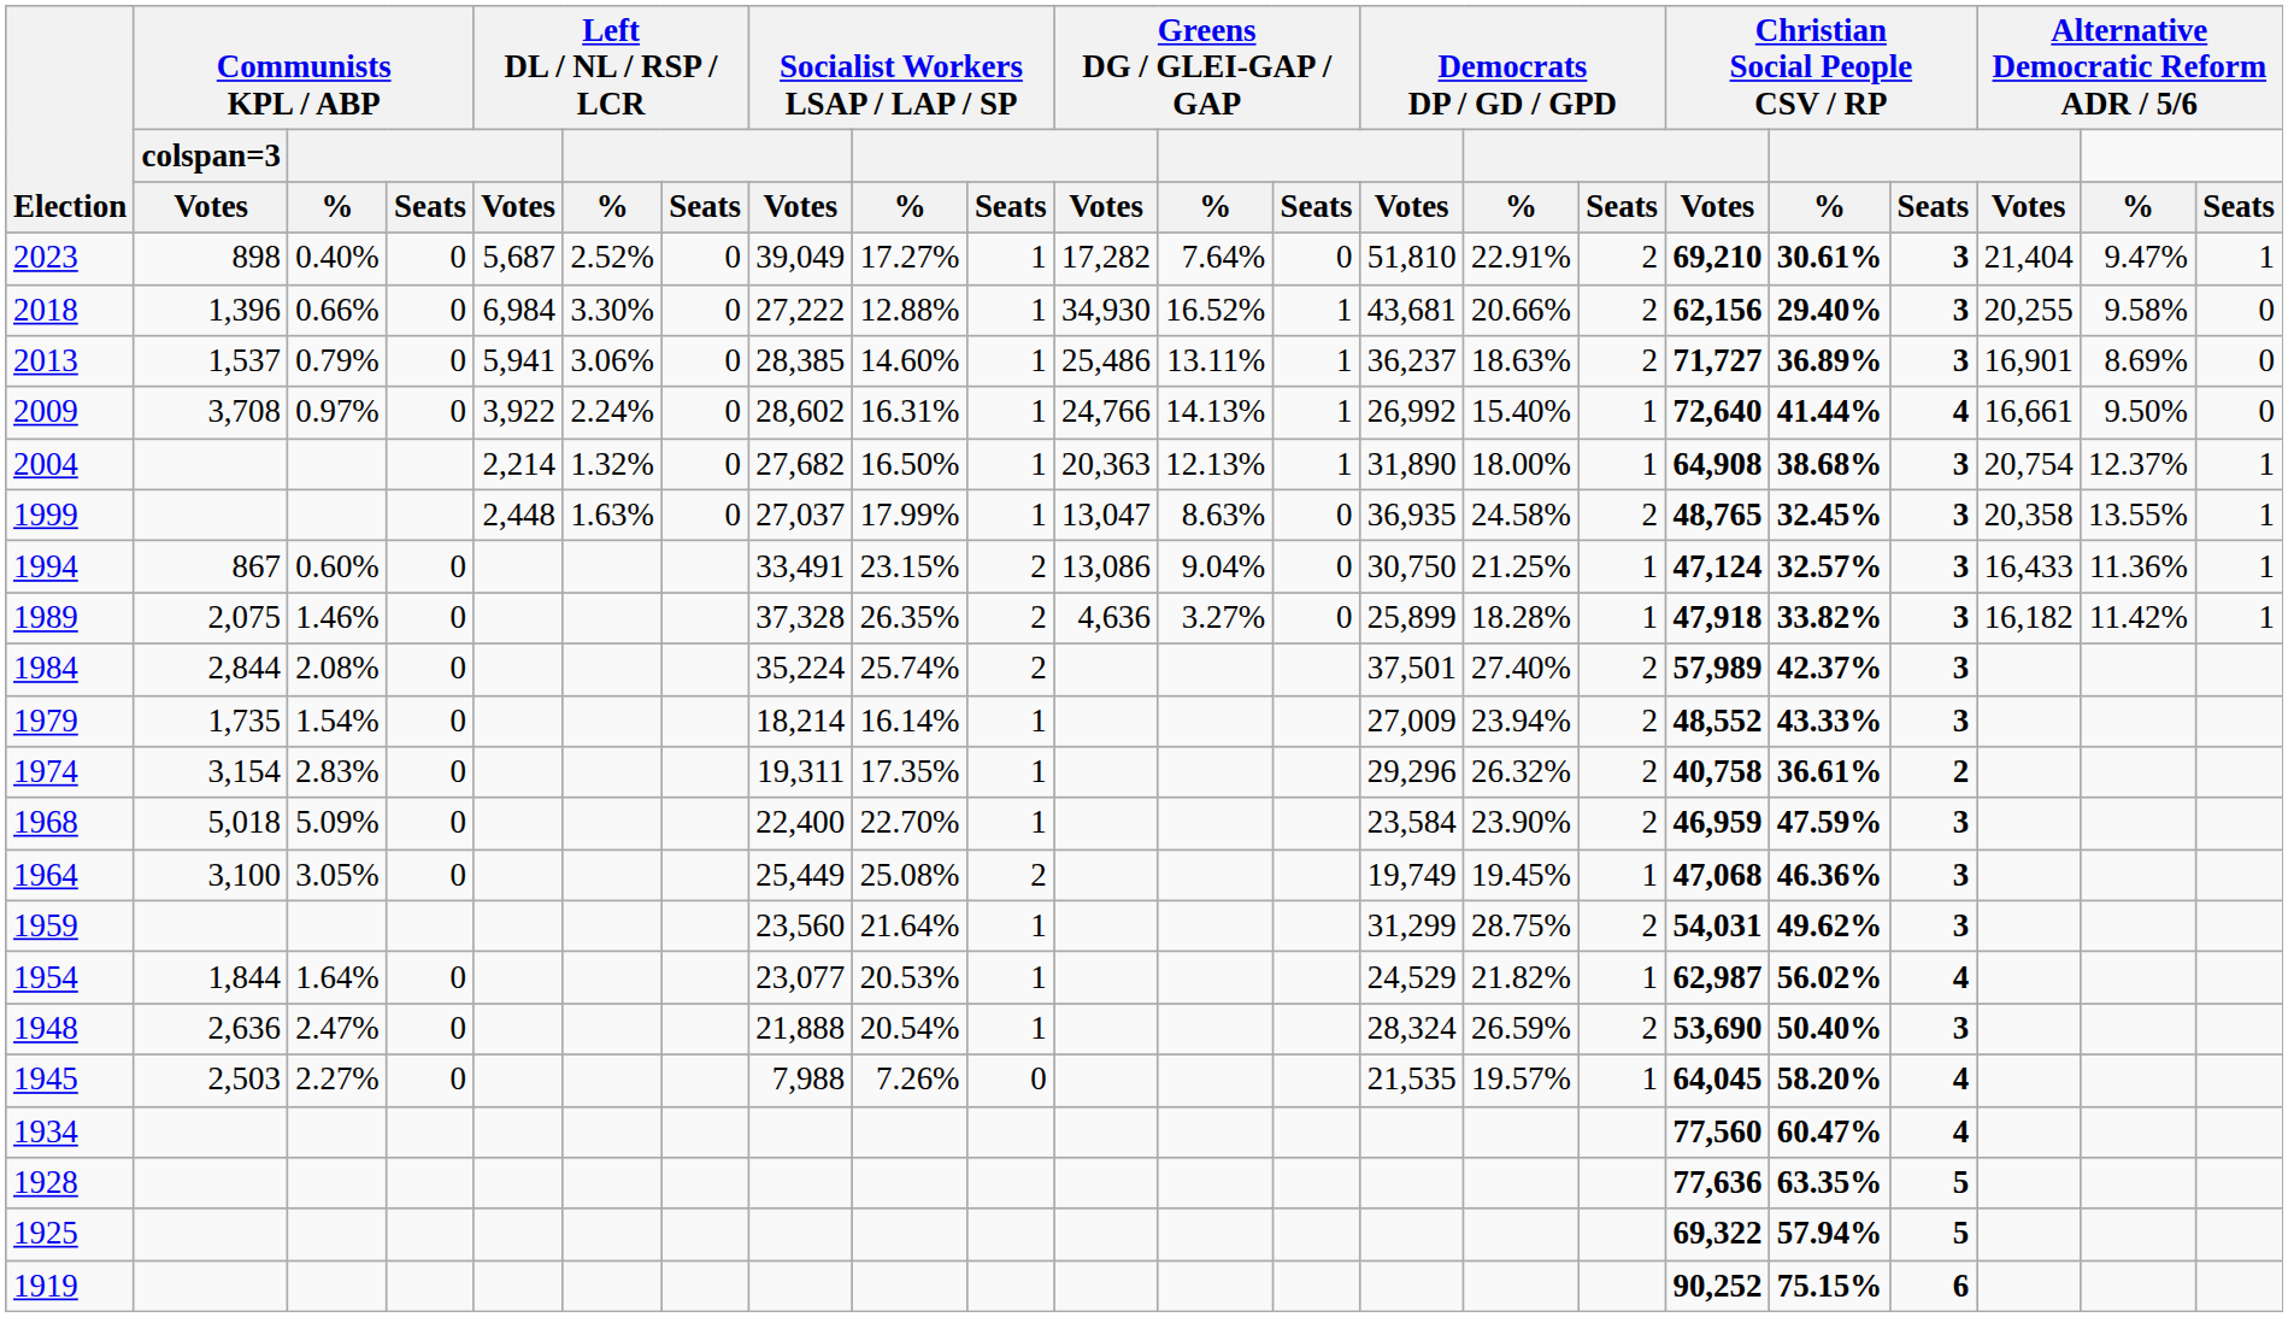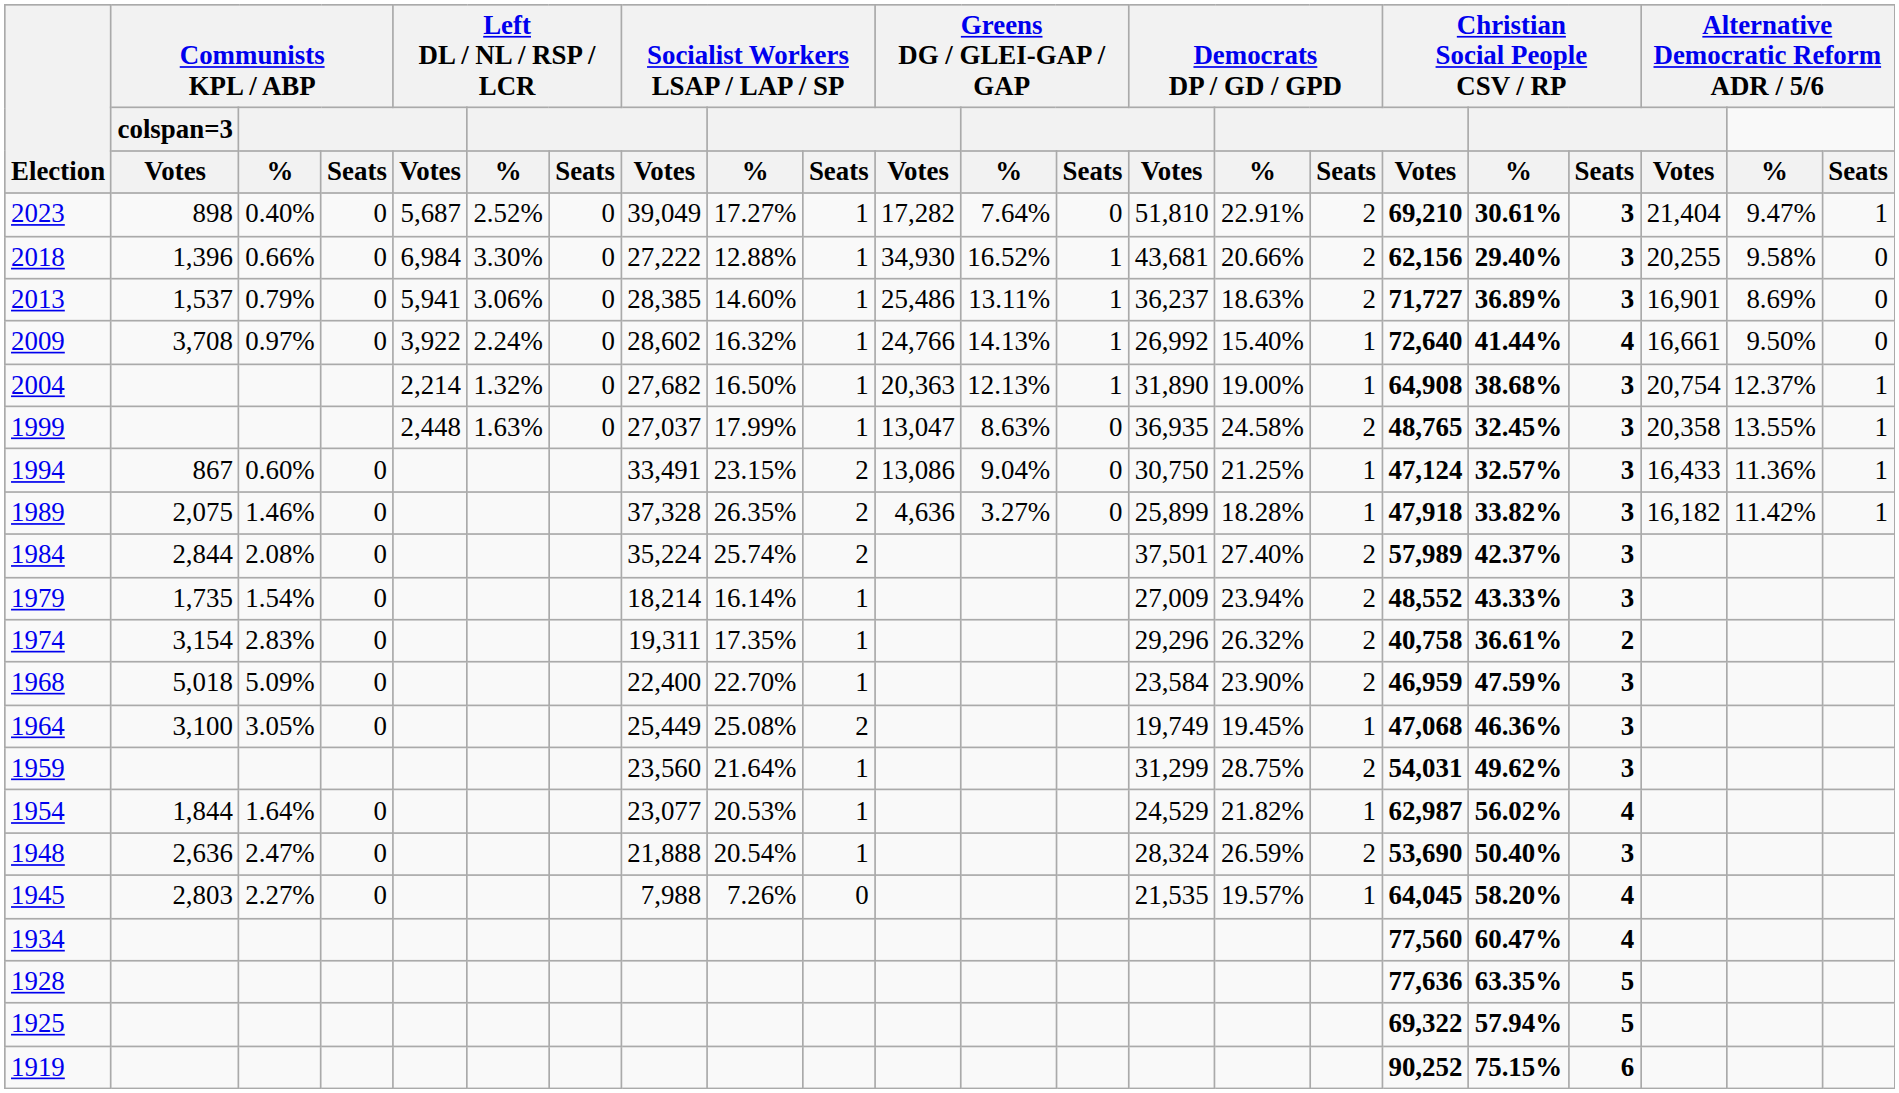 <table class="wikitable" border="1" style="font-size:100%; text-align:right;">
 <tr>
 <th style="text-align:left;" valign=bottom rowspan=3>Election</th>
 <th valign=bottom colspan=3><a href='#'>Communists</a><br>KPL / ABP</th>
 <th valign=bottom colspan=3><a href='#'>Left</a><br>DL / NL / RSP / LCR</th>
 <th valign=bottom colspan=3><a href='#'>Socialist Workers</a><br>LSAP / LAP / SP</th>
 <th valign=bottom colspan=3><a href='#'>Greens</a><br>DG / GLEI-GAP / GAP</th>
 <th valign=bottom colspan=3><a href='#'>Democrats</a><br>DP / GD / GPD</th>
 <th valign=bottom colspan=3><a href='#'>Christian<br>Social People</a><br>CSV / RP</th>
 <th valign=bottom colspan=3><a href='#'>Alternative<br>Democratic Reform</a><br>ADR / 5/6</th>
 </tr>
 <tr>
 <th>colspan=3 </th>
 <th colspan=3 style="background:"></th>
 <th colspan=3 style="background:"></th>
 <th colspan=3 style="background:"></th>
 <th colspan=3 style="background:"></th>
 <th colspan=3 style="background:"></th>
 <th colspan=3 style="background:"></th>
 </tr>
 <tr>
 <th>Votes</th>
 <th>%</th>
 <th>Seats</th>
 <th>Votes</th>
 <th>%</th>
 <th>Seats</th>
 <th>Votes</th>
 <th>%</th>
 <th>Seats</th>
 <th>Votes</th>
 <th>%</th>
 <th>Seats</th>
 <th>Votes</th>
 <th>%</th>
 <th>Seats</th>
 <th>Votes</th>
 <th>%</th>
 <th>Seats</th>
 <th>Votes</th>
 <th>%</th>
 <th>Seats</th>
 </tr>
 <tr>
 <td align=left><a href='#'>2023</a></td>
 <td>898</td>
 <td>0.40%</td>
 <td>0</td>
 <td>5,687</td>
 <td>2.52%</td>
 <td>0</td>
 <td>39,049</td>
 <td>17.27%</td>
 <td>1</td>
 <td>17,282</td>
 <td>7.64%</td>
 <td>0</td>
 <td>51,810</td>
 <td>22.91%</td>
 <td>2</td>
 <td><strong>69,210</strong></td>
 <td><strong>30.61%</strong></td>
 <td><strong>3</strong></td>
 <td>21,404</td>
 <td>9.47%</td>
 <td>1</td>
 </tr>
 <tr>
 <td align=left><a href='#'>2018</a></td>
 <td>1,396</td>
 <td>0.66%</td>
 <td>0</td>
 <td>6,984</td>
 <td>3.30%</td>
 <td>0</td>
 <td>27,222</td>
 <td>12.88%</td>
 <td>1</td>
 <td>34,930</td>
 <td>16.52%</td>
 <td>1</td>
 <td>43,681</td>
 <td>20.66%</td>
 <td>2</td>
 <td><strong>62,156</strong></td>
 <td><strong>29.40%</strong></td>
 <td><strong>3</strong></td>
 <td>20,255</td>
 <td>9.58%</td>
 <td>0</td>
 </tr>
 <tr>
 <td align=left><a href='#'>2013</a></td>
 <td>1,537</td>
 <td>0.79%</td>
 <td>0</td>
 <td>5,941</td>
 <td>3.06%</td>
 <td>0</td>
 <td>28,385</td>
 <td>14.60%</td>
 <td>1</td>
 <td>25,486</td>
 <td>13.11%</td>
 <td>1</td>
 <td>36,237</td>
 <td>18.63%</td>
 <td>2</td>
 <td><strong>71,727</strong></td>
 <td><strong>36.89%</strong></td>
 <td><strong>3</strong></td>
 <td>16,901</td>
 <td>8.69%</td>
 <td>0</td>
 </tr>
 <tr>
 <td align=left><a href='#'>2009</a></td>
 <td>3,708</td>
 <td>0.97%</td>
 <td>0</td>
 <td>3,922</td>
 <td>2.24%</td>
 <td>0</td>
 <td>28,602</td>
-<td>16.31%</td>
+<td>16.32%</td>
 <td>1</td>
 <td>24,766</td>
 <td>14.13%</td>
 <td>1</td>
 <td>26,992</td>
 <td>15.40%</td>
 <td>1</td>
 <td><strong>72,640</strong></td>
 <td><strong>41.44%</strong></td>
 <td><strong>4</strong></td>
 <td>16,661</td>
 <td>9.50%</td>
 <td>0</td>
 </tr>
 <tr>
 <td align=left><a href='#'>2004</a></td>
 <td></td>
 <td></td>
 <td></td>
 <td>2,214</td>
 <td>1.32%</td>
 <td>0</td>
 <td>27,682</td>
 <td>16.50%</td>
 <td>1</td>
 <td>20,363</td>
 <td>12.13%</td>
 <td>1</td>
 <td>31,890</td>
-<td>18.00%</td>
+<td>19.00%</td>
 <td>1</td>
 <td><strong>64,908</strong></td>
 <td><strong>38.68%</strong></td>
 <td><strong>3</strong></td>
 <td>20,754</td>
 <td>12.37%</td>
 <td>1</td>
 </tr>
 <tr>
 <td align=left><a href='#'>1999</a></td>
 <td></td>
 <td></td>
 <td></td>
 <td>2,448</td>
 <td>1.63%</td>
 <td>0</td>
 <td>27,037</td>
 <td>17.99%</td>
 <td>1</td>
 <td>13,047</td>
 <td>8.63%</td>
 <td>0</td>
 <td>36,935</td>
 <td>24.58%</td>
 <td>2</td>
 <td><strong>48,765</strong></td>
 <td><strong>32.45%</strong></td>
 <td><strong>3</strong></td>
 <td>20,358</td>
 <td>13.55%</td>
 <td>1</td>
 </tr>
 <tr>
 <td align=left><a href='#'>1994</a></td>
 <td>867</td>
 <td>0.60%</td>
 <td>0</td>
 <td></td>
 <td></td>
 <td></td>
 <td>33,491</td>
 <td>23.15%</td>
 <td>2</td>
 <td>13,086</td>
 <td>9.04%</td>
 <td>0</td>
 <td>30,750</td>
 <td>21.25%</td>
 <td>1</td>
 <td><strong>47,124</strong></td>
 <td><strong>32.57%</strong></td>
 <td><strong>3</strong></td>
 <td>16,433</td>
 <td>11.36%</td>
 <td>1</td>
 </tr>
 <tr>
 <td align=left><a href='#'>1989</a></td>
 <td>2,075</td>
 <td>1.46%</td>
 <td>0</td>
 <td></td>
 <td></td>
 <td></td>
 <td>37,328</td>
 <td>26.35%</td>
 <td>2</td>
 <td>4,636</td>
 <td>3.27%</td>
 <td>0</td>
 <td>25,899</td>
 <td>18.28%</td>
 <td>1</td>
 <td><strong>47,918</strong></td>
 <td><strong>33.82%</strong></td>
 <td><strong>3</strong></td>
 <td>16,182</td>
 <td>11.42%</td>
 <td>1</td>
 </tr>
 <tr>
 <td align=left><a href='#'>1984</a></td>
 <td>2,844</td>
 <td>2.08%</td>
 <td>0</td>
 <td></td>
 <td></td>
 <td></td>
 <td>35,224</td>
 <td>25.74%</td>
 <td>2</td>
 <td></td>
 <td></td>
 <td></td>
 <td>37,501</td>
 <td>27.40%</td>
 <td>2</td>
 <td><strong>57,989</strong></td>
 <td><strong>42.37%</strong></td>
 <td><strong>3</strong></td>
 <td></td>
 <td></td>
 <td></td>
 </tr>
 <tr>
 <td align=left><a href='#'>1979</a></td>
 <td>1,735</td>
 <td>1.54%</td>
 <td>0</td>
 <td></td>
 <td></td>
 <td></td>
 <td>18,214</td>
 <td>16.14%</td>
 <td>1</td>
 <td></td>
 <td></td>
 <td></td>
 <td>27,009</td>
 <td>23.94%</td>
 <td>2</td>
 <td><strong>48,552</strong></td>
 <td><strong>43.33%</strong></td>
 <td><strong>3</strong></td>
 <td></td>
 <td></td>
 <td></td>
 </tr>
 <tr>
 <td align=left><a href='#'>1974</a></td>
 <td>3,154</td>
 <td>2.83%</td>
 <td>0</td>
 <td></td>
 <td></td>
 <td></td>
 <td>19,311</td>
 <td>17.35%</td>
 <td>1</td>
 <td></td>
 <td></td>
 <td></td>
 <td>29,296</td>
 <td>26.32%</td>
 <td>2</td>
 <td><strong>40,758</strong></td>
 <td><strong>36.61%</strong></td>
 <td><strong>2</strong></td>
 <td></td>
 <td></td>
 <td></td>
 </tr>
 <tr>
 <td align=left><a href='#'>1968</a></td>
 <td>5,018</td>
 <td>5.09%</td>
 <td>0</td>
 <td></td>
 <td></td>
 <td></td>
 <td>22,400</td>
 <td>22.70%</td>
 <td>1</td>
 <td></td>
 <td></td>
 <td></td>
 <td>23,584</td>
 <td>23.90%</td>
 <td>2</td>
 <td><strong>46,959</strong></td>
 <td><strong>47.59%</strong></td>
 <td><strong>3</strong></td>
 <td></td>
 <td></td>
 <td></td>
 </tr>
 <tr>
 <td align=left><a href='#'>1964</a></td>
 <td>3,100</td>
 <td>3.05%</td>
 <td>0</td>
 <td></td>
 <td></td>
 <td></td>
 <td>25,449</td>
 <td>25.08%</td>
 <td>2</td>
 <td></td>
 <td></td>
 <td></td>
 <td>19,749</td>
 <td>19.45%</td>
 <td>1</td>
 <td><strong>47,068</strong></td>
 <td><strong>46.36%</strong></td>
 <td><strong>3</strong></td>
 <td></td>
 <td></td>
 <td></td>
 </tr>
 <tr>
 <td align=left><a href='#'>1959</a></td>
 <td></td>
 <td></td>
 <td></td>
 <td></td>
 <td></td>
 <td></td>
 <td>23,560</td>
 <td>21.64%</td>
 <td>1</td>
 <td></td>
 <td></td>
 <td></td>
 <td>31,299</td>
 <td>28.75%</td>
 <td>2</td>
 <td><strong>54,031</strong></td>
 <td><strong>49.62%</strong></td>
 <td><strong>3</strong></td>
 <td></td>
 <td></td>
 <td></td>
 </tr>
 <tr>
 <td align=left><a href='#'>1954</a></td>
 <td>1,844</td>
 <td>1.64%</td>
 <td>0</td>
 <td></td>
 <td></td>
 <td></td>
 <td>23,077</td>
 <td>20.53%</td>
 <td>1</td>
 <td></td>
 <td></td>
 <td></td>
 <td>24,529</td>
 <td>21.82%</td>
 <td>1</td>
 <td><strong>62,987</strong></td>
 <td><strong>56.02%</strong></td>
 <td><strong>4</strong></td>
 <td></td>
 <td></td>
 <td></td>
 </tr>
 <tr>
 <td align=left><a href='#'>1948</a></td>
 <td>2,636</td>
 <td>2.47%</td>
 <td>0</td>
 <td></td>
 <td></td>
 <td></td>
 <td>21,888</td>
 <td>20.54%</td>
 <td>1</td>
 <td></td>
 <td></td>
 <td></td>
 <td>28,324</td>
 <td>26.59%</td>
 <td>2</td>
 <td><strong>53,690</strong></td>
 <td><strong>50.40%</strong></td>
 <td><strong>3</strong></td>
 <td></td>
 <td></td>
 <td></td>
 </tr>
 <tr>
 <td align=left><a href='#'>1945</a></td>
-<td>2,503</td>
+<td>2,803</td>
 <td>2.27%</td>
 <td>0</td>
 <td></td>
 <td></td>
 <td></td>
 <td>7,988</td>
 <td>7.26%</td>
 <td>0</td>
 <td></td>
 <td></td>
 <td></td>
 <td>21,535</td>
 <td>19.57%</td>
 <td>1</td>
 <td><strong>64,045</strong></td>
 <td><strong>58.20%</strong></td>
 <td><strong>4</strong></td>
 <td></td>
 <td></td>
 <td></td>
 </tr>
 <tr>
 <td align=left><a href='#'>1934</a></td>
 <td></td>
 <td></td>
 <td></td>
 <td></td>
 <td></td>
 <td></td>
 <td></td>
 <td></td>
 <td></td>
 <td></td>
 <td></td>
 <td></td>
 <td></td>
 <td></td>
 <td></td>
 <td><strong>77,560</strong></td>
 <td><strong>60.47%</strong></td>
 <td><strong>4</strong></td>
 <td></td>
 <td></td>
 <td></td>
 </tr>
 <tr>
 <td align=left><a href='#'>1928</a></td>
 <td></td>
 <td></td>
 <td></td>
 <td></td>
 <td></td>
 <td></td>
 <td></td>
 <td></td>
 <td></td>
 <td></td>
 <td></td>
 <td></td>
 <td></td>
 <td></td>
 <td></td>
 <td><strong>77,636</strong></td>
 <td><strong>63.35%</strong></td>
 <td><strong>5</strong></td>
 <td></td>
 <td></td>
 <td></td>
 </tr>
 <tr>
 <td align=left><a href='#'>1925</a></td>
 <td></td>
 <td></td>
 <td></td>
 <td></td>
 <td></td>
 <td></td>
 <td></td>
 <td></td>
 <td></td>
 <td></td>
 <td></td>
 <td></td>
 <td></td>
 <td></td>
 <td></td>
 <td><strong>69,322</strong></td>
 <td><strong>57.94%</strong></td>
 <td><strong>5</strong></td>
 <td></td>
 <td></td>
 <td></td>
 </tr>
 <tr>
 <td align=left><a href='#'>1919</a></td>
 <td></td>
 <td></td>
 <td></td>
 <td></td>
 <td></td>
 <td></td>
 <td></td>
 <td></td>
 <td></td>
 <td></td>
 <td></td>
 <td></td>
 <td></td>
 <td></td>
 <td></td>
 <td><strong>90,252</strong></td>
 <td><strong>75.15%</strong></td>
 <td><strong>6</strong></td>
 <td></td>
 <td></td>
 <td></td>
 </tr>
 </table>
